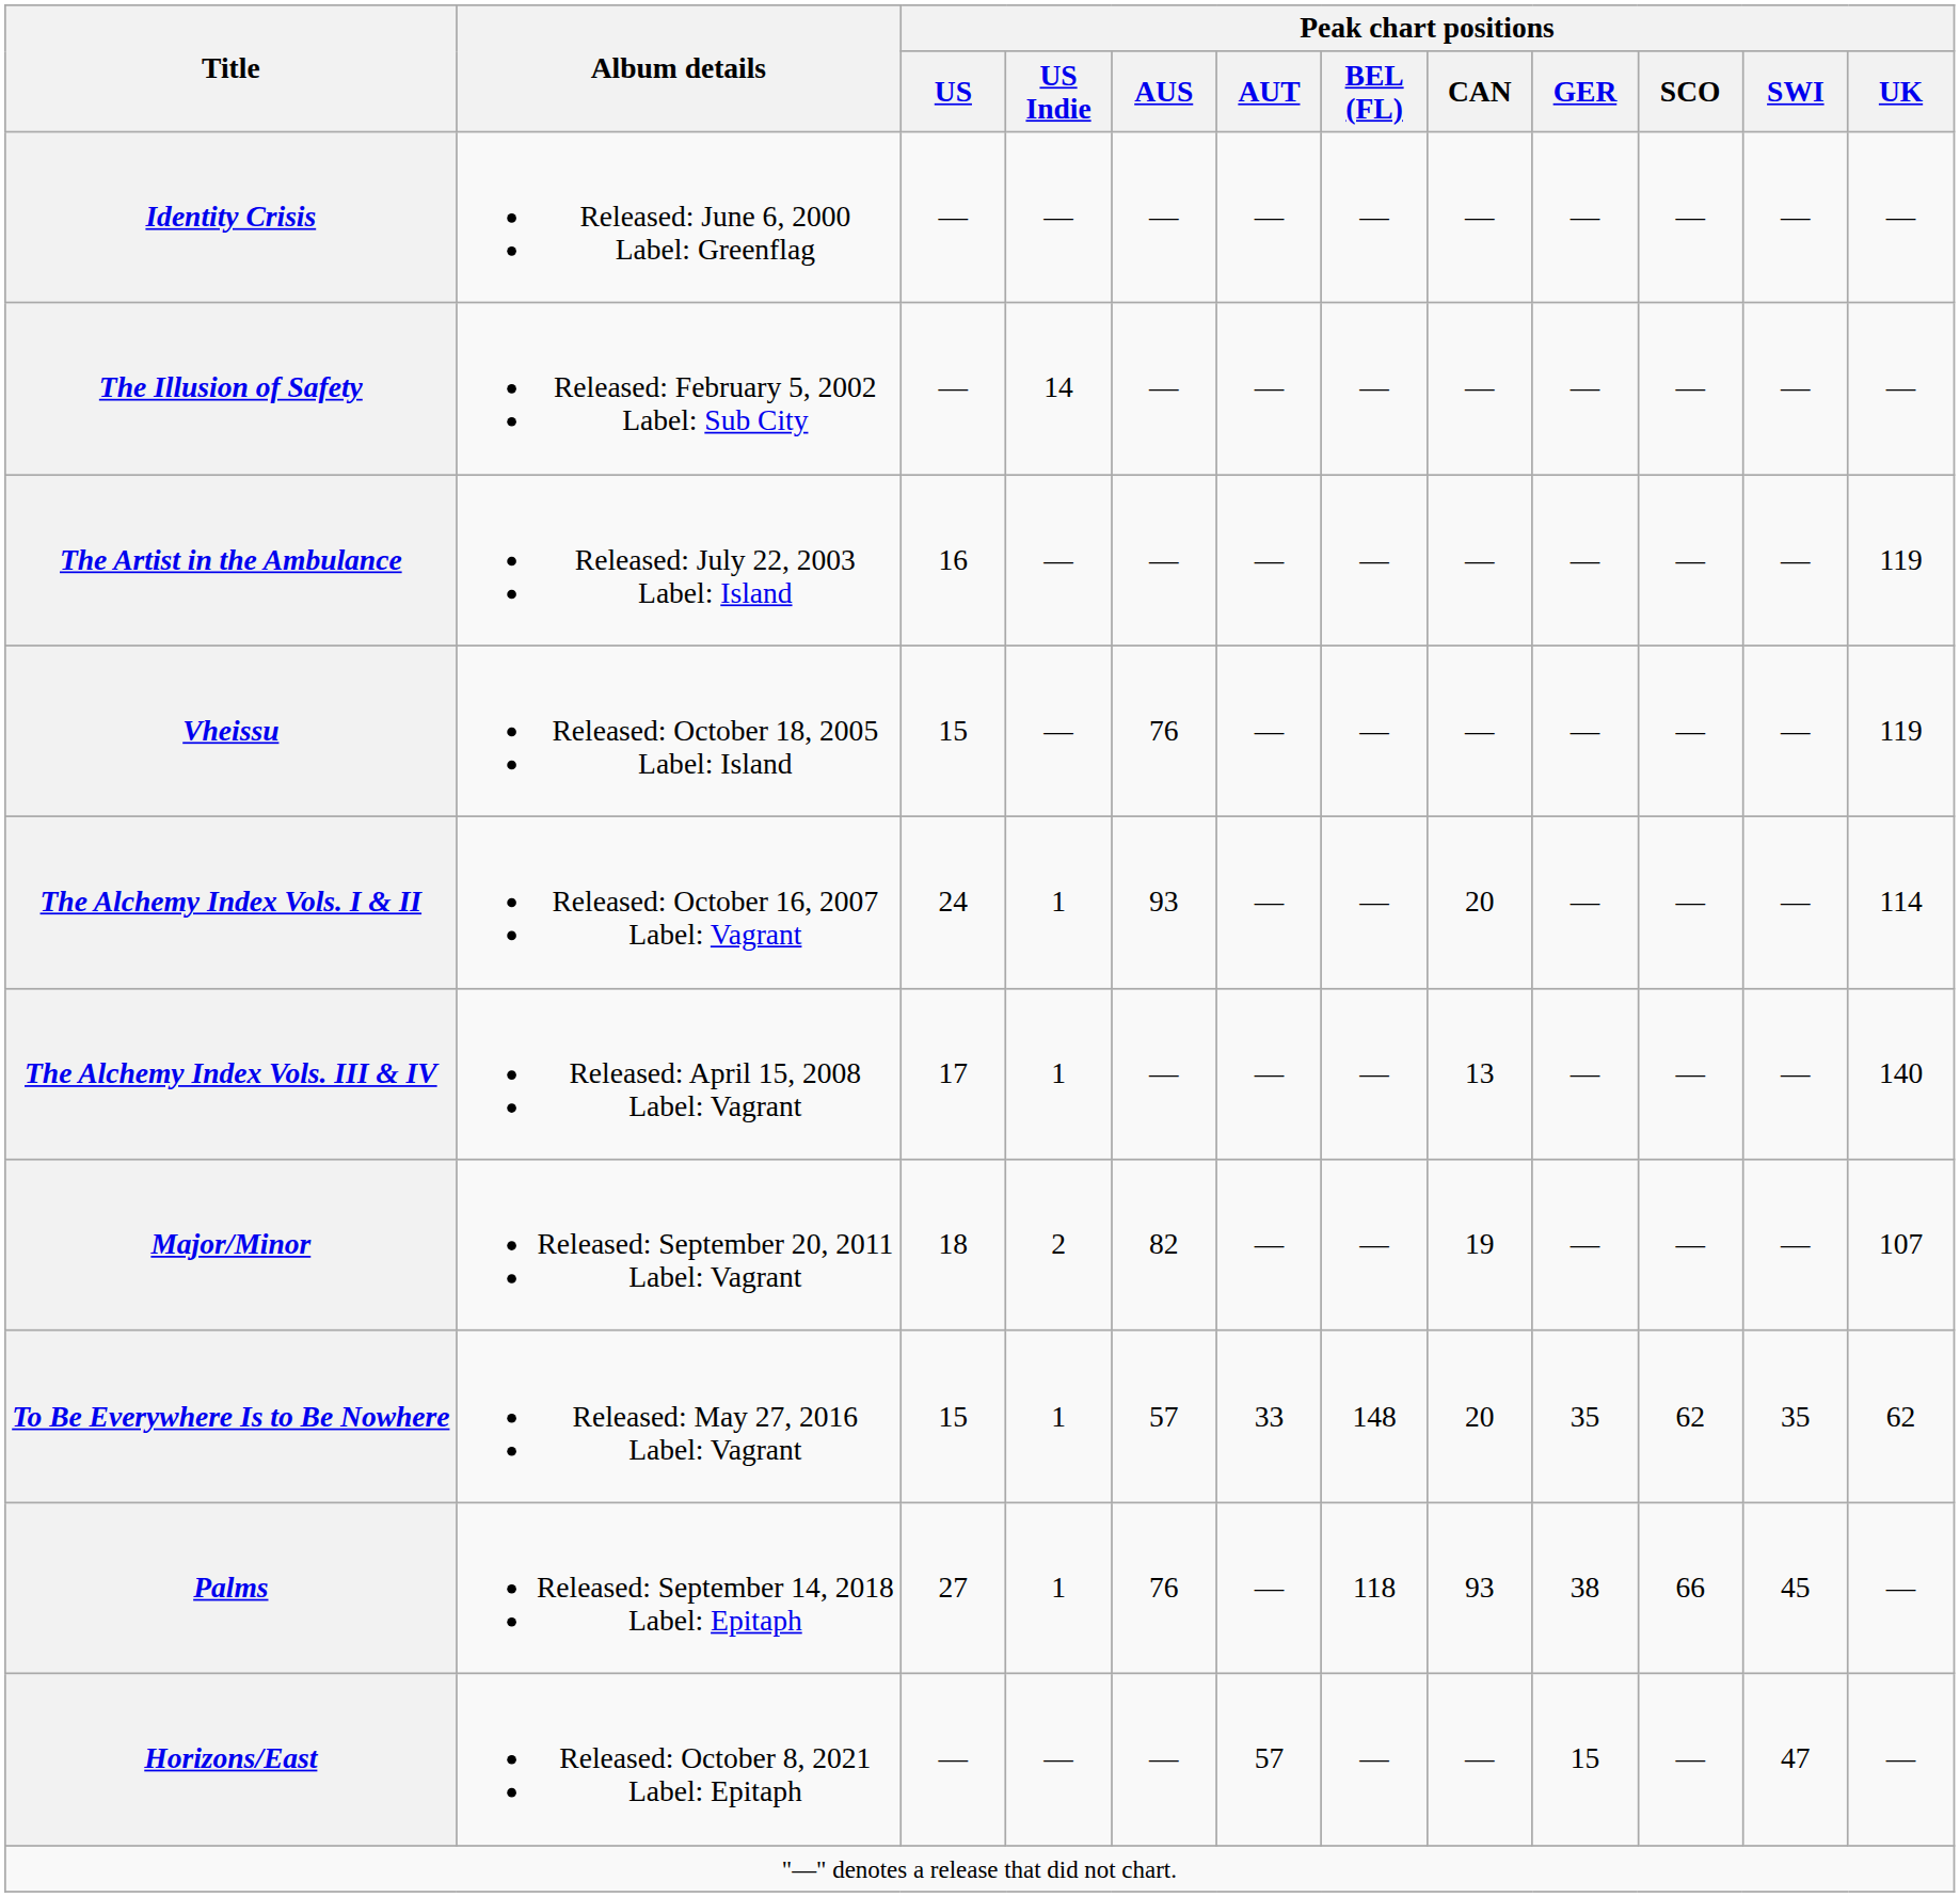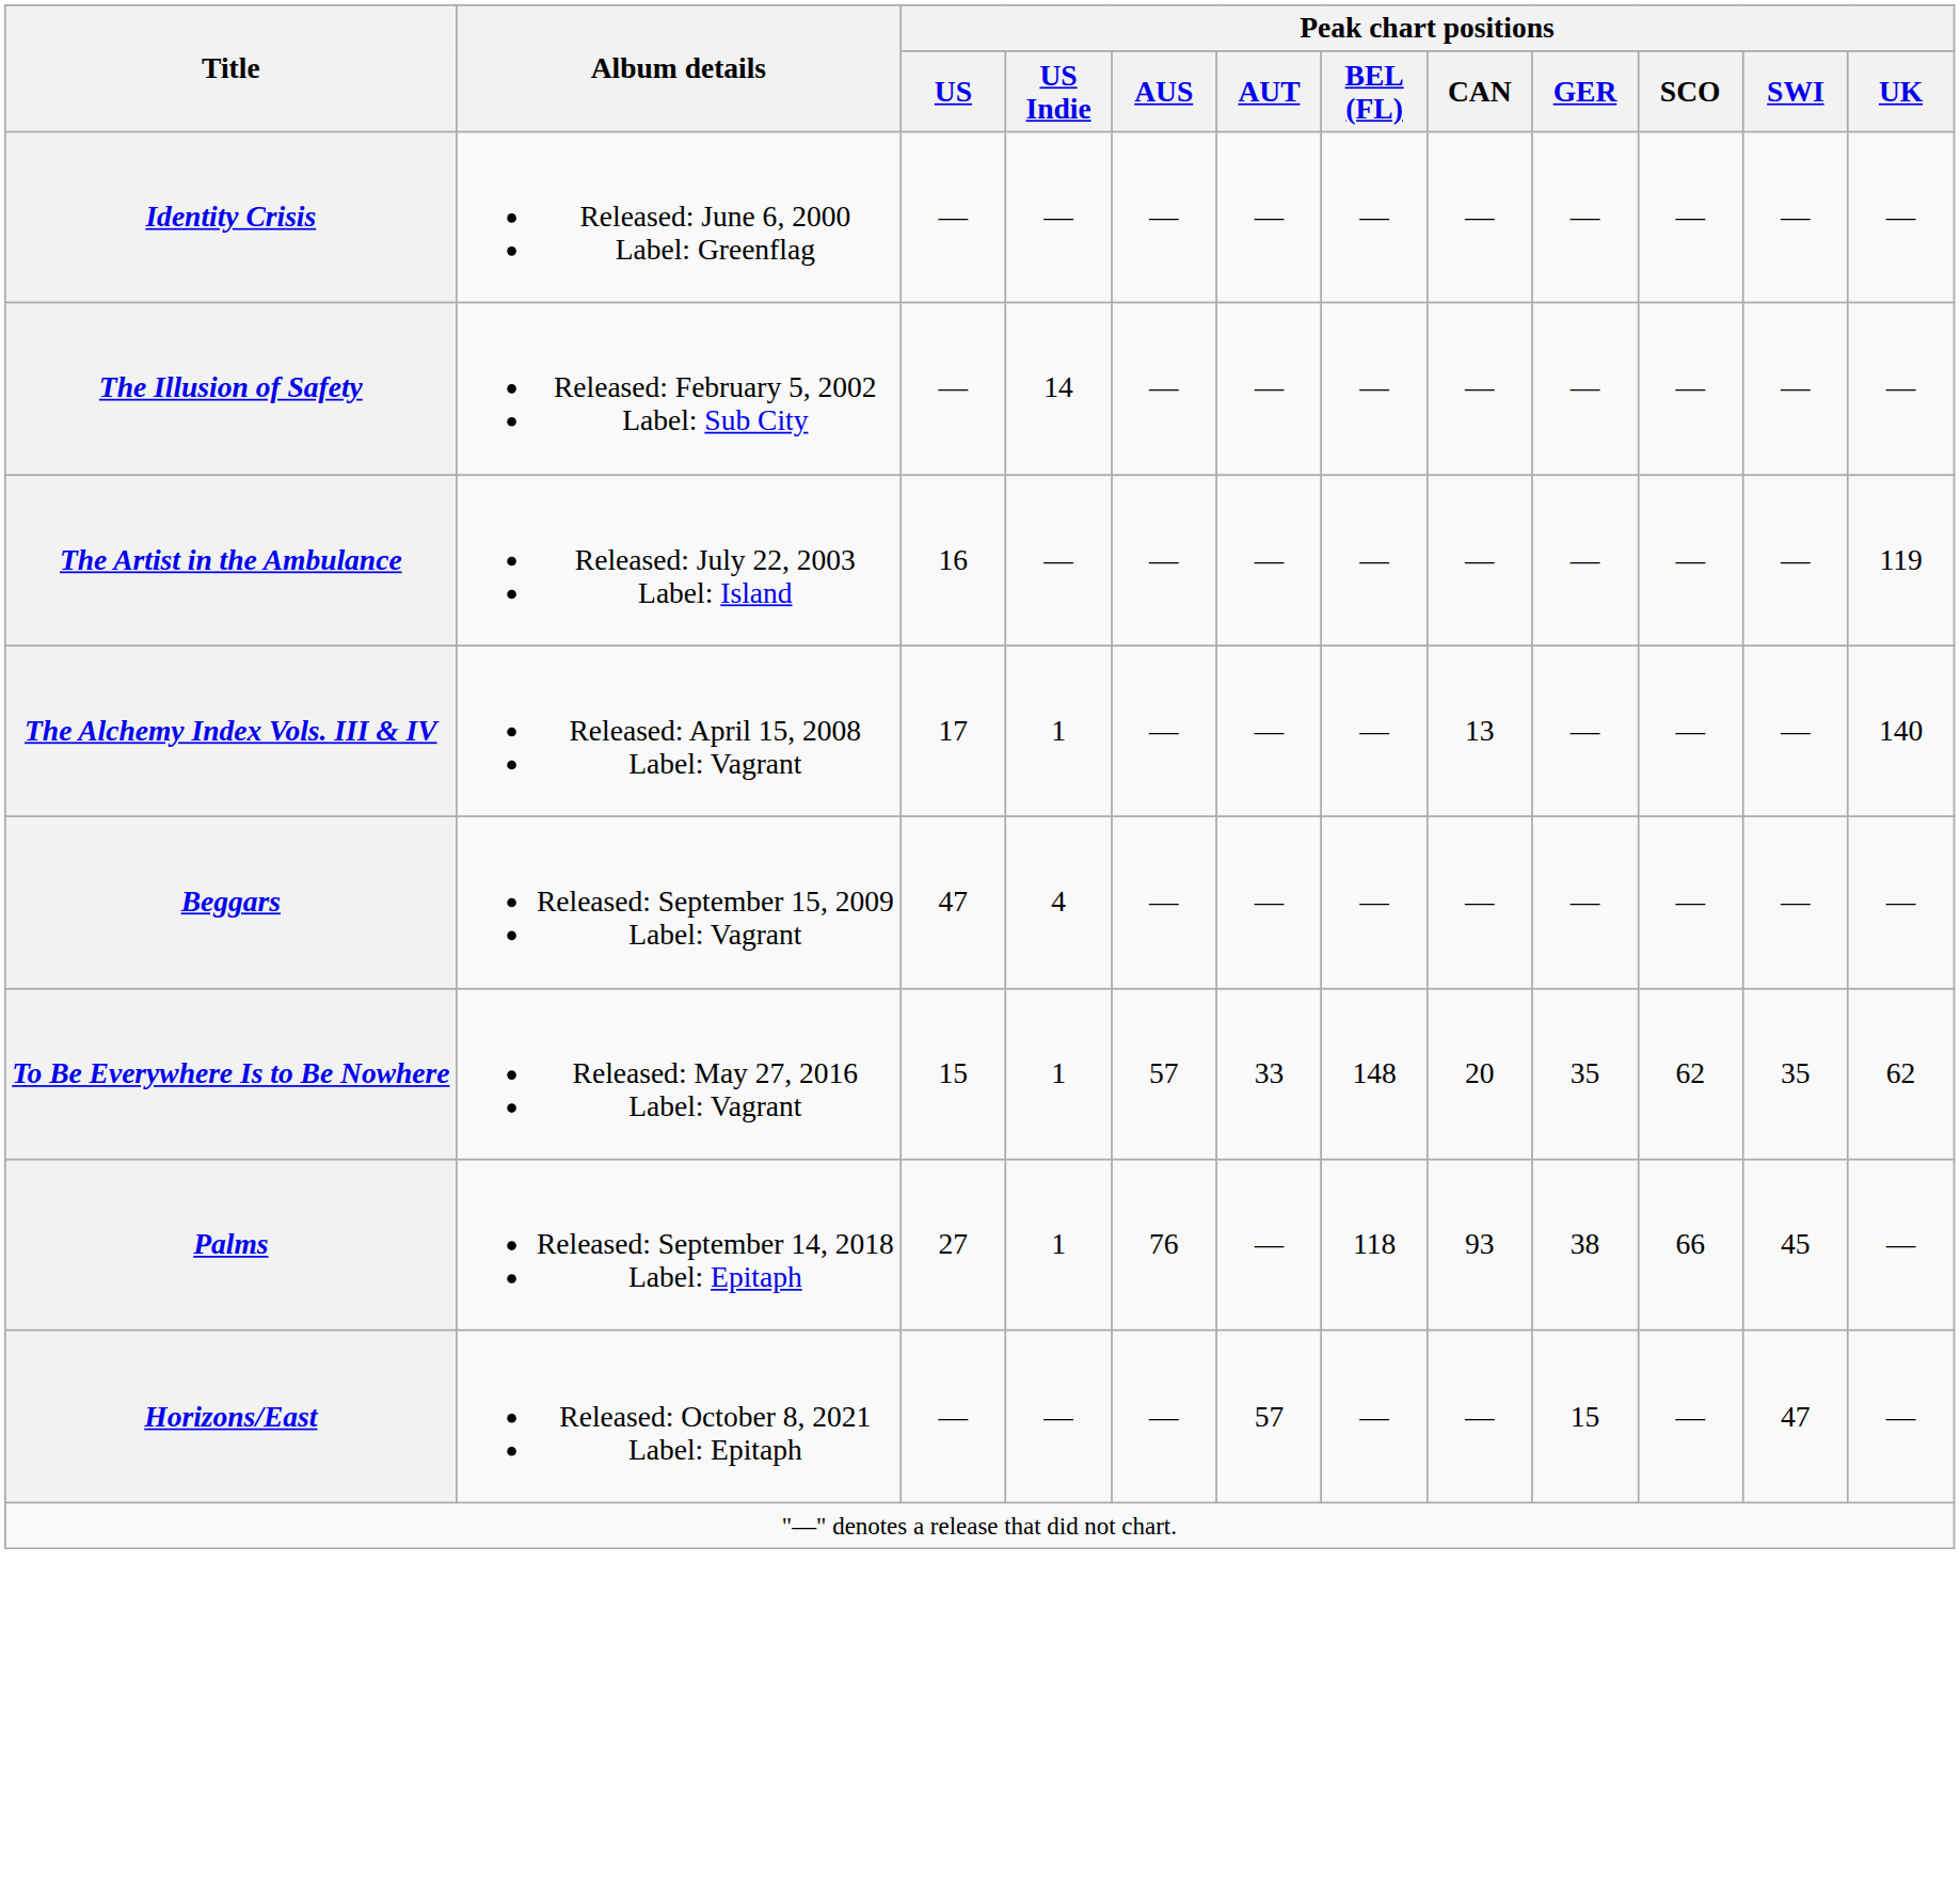 <table class="wikitable plainrowheaders" style="text-align:center">
 <tr>
 <th scope="col" rowspan="2">Title</th>
 <th scope="col" rowspan="2">Album details</th>
 <th scope="col" colspan="10">Peak chart positions</th>
 </tr>
 <tr>
 <th style="width:50px;"><a href='#'>US</a><br></th>
 <th style="width:50px;"><a href='#'>US<br>Indie</a><br></th>
 <th style="width:50px;"><a href='#'>AUS</a><br></th>
 <th style="width:50px;"><a href='#'>AUT</a><br></th>
 <th style="width:50px;"><a href='#'>BEL (FL)</a><br></th>
 <th style="width:50px;">CAN<br></th>
 <th style="width:50px;"><a href='#'>GER</a><br></th>
 <th style="width:50px;">SCO<br></th>
 <th style="width:50px;"><a href='#'>SWI</a><br></th>
 <th style="width:50px;"><a href='#'>UK</a><br></th>
 </tr>
 <tr>
 <th scope="row"><em><a href='#'>Identity Crisis</a></em></th>
 <td><br><ul><li>Released: June 6, 2000</li><li>Label: Greenflag</li></ul></td>
 <td>—</td>
 <td>—</td>
 <td>—</td>
 <td>—</td>
 <td>—</td>
 <td>—</td>
 <td>—</td>
 <td>—</td>
 <td>—</td>
 <td>—</td>
 </tr>
 <tr>
 <th scope="row"><em><a href='#'>The Illusion of Safety</a></em></th>
 <td><br><ul><li>Released: February 5, 2002</li><li>Label: <a href='#'>Sub City</a></li></ul></td>
 <td>—</td>
 <td>14</td>
 <td>—</td>
 <td>—</td>
 <td>—</td>
 <td>—</td>
 <td>—</td>
 <td>—</td>
 <td>—</td>
 <td>—</td>
 </tr>
 <tr>
 <th scope="row"><em><a href='#'>The Artist in the Ambulance</a></em></th>
 <td><br><ul><li>Released: July 22, 2003</li><li>Label: <a href='#'>Island</a></li></ul></td>
 <td>16</td>
 <td>—</td>
 <td>—</td>
 <td>—</td>
 <td>—</td>
 <td>—</td>
 <td>—</td>
 <td>—</td>
 <td>—</td>
 <td>119</td>
 </tr>
 <tr>
-<th scope="row"><em><a href='#'>Vheissu</a></em></th>
-<td><br><ul><li>Released: October 18, 2005</li><li>Label: Island</li></ul></td>
-<td>15</td>
-<td>—</td>
-<td>76</td>
-<td>—</td>
-<td>—</td>
-<td>—</td>
-<td>—</td>
-<td>—</td>
-<td>—</td>
-<td>119</td>
-</tr>
-<tr>
-<th scope="row"><em><a href='#'>The Alchemy Index Vols. I & II</a></em></th>
-<td><br><ul><li>Released: October 16, 2007</li><li>Label: <a href='#'>Vagrant</a></li></ul></td>
-<td>24</td>
-<td>1</td>
-<td>93</td>
-<td>—</td>
-<td>—</td>
-<td>20</td>
-<td>—</td>
-<td>—</td>
-<td>—</td>
-<td>114</td>
-</tr>
-<tr>
 <th scope="row"><em><a href='#'>The Alchemy Index Vols. III & IV</a></em></th>
 <td><br><ul><li>Released: April 15, 2008</li><li>Label: Vagrant</li></ul></td>
 <td>17</td>
 <td>1</td>
 <td>—</td>
 <td>—</td>
 <td>—</td>
 <td>13</td>
 <td>—</td>
 <td>—</td>
 <td>—</td>
 <td>140</td>
 </tr>
 <tr>
-<th scope="row"><em><a href='#'>Major/Minor</a></em></th>
-<td><br><ul><li>Released: September 20, 2011</li><li>Label: Vagrant</li></ul></td>
-<td>18</td>
-<td>2</td>
-<td>82</td>
-<td>—</td>
-<td>—</td>
-<td>19</td>
+<th scope="row"><em><a href='#'>Beggars</a></em></th>
+<td><br><ul><li>Released: September 15, 2009</li><li>Label: Vagrant</li></ul></td>
+<td>47</td>
+<td>4</td>
 <td>—</td>
 <td>—</td>
 <td>—</td>
-<td>107<br></td>
+<td>—</td>
+<td>—</td>
+<td>—</td>
+<td>—</td>
+<td>—</td>
 </tr>
 <tr>
 <th scope="row"><em><a href='#'>To Be Everywhere Is to Be Nowhere</a></em></th>
 <td><br><ul><li>Released: May 27, 2016</li><li>Label: Vagrant</li></ul></td>
 <td>15</td>
 <td>1</td>
 <td>57</td>
 <td>33</td>
 <td>148</td>
 <td>20</td>
 <td>35</td>
 <td>62</td>
 <td>35</td>
 <td>62</td>
 </tr>
 <tr>
 <th scope="row"><em><a href='#'>Palms</a></em></th>
 <td><br><ul><li>Released: September 14, 2018</li><li>Label: <a href='#'>Epitaph</a></li></ul></td>
 <td>27</td>
 <td>1</td>
 <td>76</td>
 <td>—</td>
 <td>118</td>
 <td>93</td>
 <td>38</td>
 <td>66</td>
 <td>45</td>
 <td>—</td>
 </tr>
 <tr>
 <th scope="row"><em><a href='#'>Horizons/East</a></em></th>
 <td><br><ul><li>Released: October 8, 2021</li><li>Label: Epitaph</li></ul></td>
 <td>—</td>
 <td>—</td>
 <td>—</td>
 <td>57</td>
 <td>—</td>
 <td>—</td>
 <td>15</td>
 <td>—</td>
 <td>47</td>
 <td>—</td>
 </tr>
 <tr>
 <td colspan="12"><small>"—" denotes a release that did not chart.</small></td>
 </tr>
 </table>
